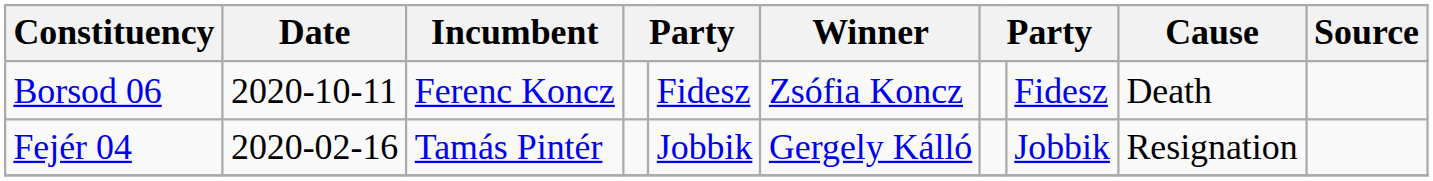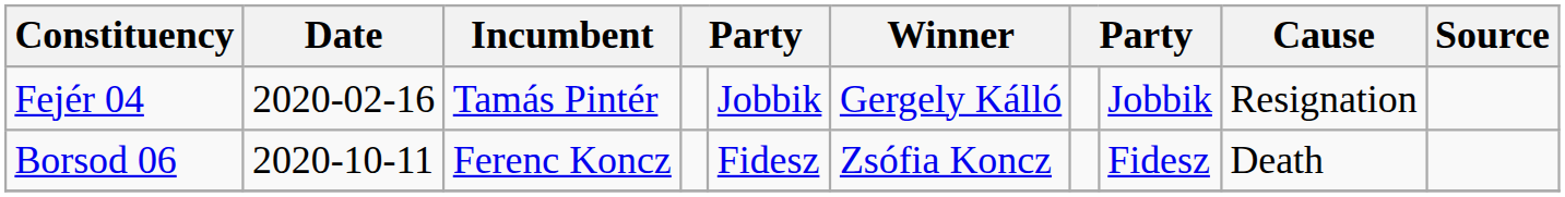 <table class="wikitable">
 <tr>
 <th>Constituency</th>
 <th>Date</th>
 <th>Incumbent</th>
 <th colspan=2>Party</th>
 <th>Winner</th>
 <th colspan=2>Party</th>
 <th>Cause</th>
 <th>Source</th>
+</tr>
+<tr>
+<td><a href='#'>Fejér 04</a></td>
+<td>2020-02-16</td>
+<td><a href='#'>Tamás Pintér</a></td>
+<td style="background-color:"> </td>
+<td><a href='#'>Jobbik</a></td>
+<td><a href='#'>Gergely Kálló</a></td>
+<td style="background-color:"> </td>
+<td><a href='#'>Jobbik</a></td>
+<td>Resignation</td>
+<td></td>
 </tr>
 <tr>
 <td><a href='#'>Borsod 06</a></td>
 <td>2020-10-11</td>
 <td><a href='#'>Ferenc Koncz</a></td>
 <td style="background-color:"> </td>
 <td><a href='#'>Fidesz</a></td>
 <td><a href='#'>Zsófia Koncz</a></td>
 <td style="background-color:"> </td>
 <td><a href='#'>Fidesz</a></td>
 <td>Death</td>
 <td></td>
 </tr>
 <tr>
-<td><a href='#'>Fejér 04</a></td>
-<td>2020-02-16</td>
-<td><a href='#'>Tamás Pintér</a></td>
-<td style="background-color:"> </td>
-<td><a href='#'>Jobbik</a></td>
-<td><a href='#'>Gergely Kálló</a></td>
-<td style="background-color:"> </td>
-<td><a href='#'>Jobbik</a></td>
-<td>Resignation</td>
-<td></td>
-</tr>
-<tr>
 </tr>
 </table>
